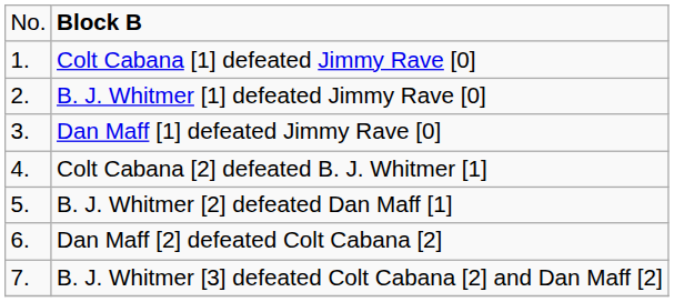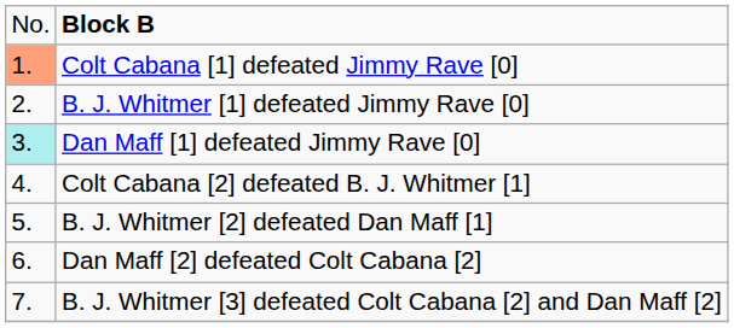 <table class="wikitable">
 <tr>
 <td>No.</td>
 <td><strong>Block B</strong></td>
 </tr>
 <tr>
-<td>1.</td>
+<td style="background: lightsalmon;">1.</td>
 <td><a href='#'>Colt Cabana</a> [1] defeated <a href='#'>Jimmy Rave</a> [0]</td>
 </tr>
 <tr>
 <td>2.</td>
 <td><a href='#'>B. J. Whitmer</a> [1] defeated Jimmy Rave [0]</td>
 </tr>
 <tr>
-<td>3.</td>
+<td style="background: paleturquoise;">3.</td>
 <td><a href='#'>Dan Maff</a> [1] defeated Jimmy Rave [0]</td>
 </tr>
 <tr>
 <td>4.</td>
 <td>Colt Cabana [2] defeated B. J. Whitmer [1]</td>
 </tr>
 <tr>
 <td>5.</td>
 <td>B. J. Whitmer [2] defeated Dan Maff [1]</td>
 </tr>
 <tr>
 <td>6.</td>
 <td>Dan Maff [2] defeated Colt Cabana [2]</td>
 </tr>
 <tr>
 <td>7.</td>
 <td>B. J. Whitmer [3] defeated Colt Cabana [2] and Dan Maff [2]</td>
 </tr>
 <tr>
 </tr>
 </table>
